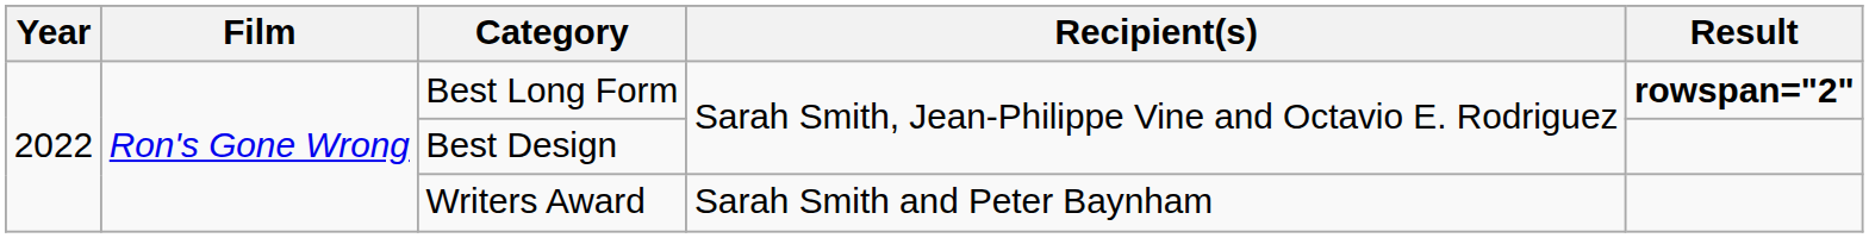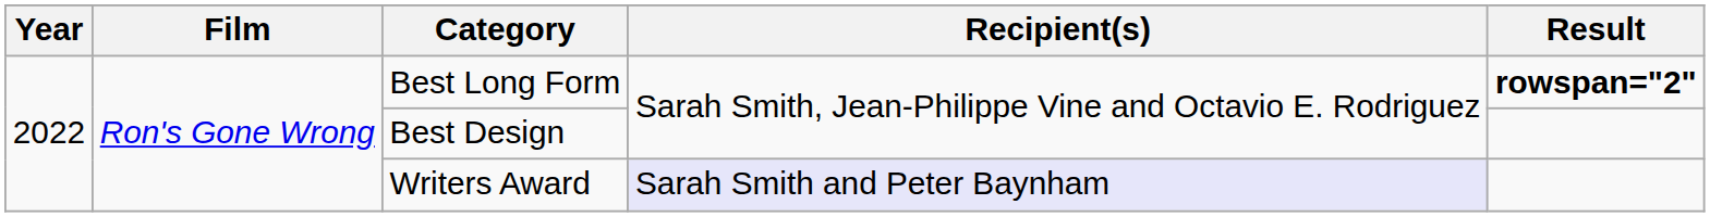 <table class="wikitable sortable">
 <tr>
 <th>Year</th>
 <th>Film</th>
 <th>Category</th>
 <th>Recipient(s)</th>
 <th>Result</th>
 </tr>
 <tr>
 <td rowspan="3">2022</td>
 <td rowspan="3"><em><a href='#'>Ron's Gone Wrong</a></em></td>
 <td>Best Long Form</td>
 <td rowspan=2>Sarah Smith, Jean-Philippe Vine and Octavio E. Rodriguez</td>
 <td><strong>rowspan="2"</strong></td>
 </tr>
 <tr>
 <td>Best Design</td>
 </tr>
 <tr>
 <td>Writers Award</td>
-<td>Sarah Smith and Peter Baynham</td>
+<td style="background: lavender;">Sarah Smith and Peter Baynham</td>
 <td></td>
 </tr>
 </table>
